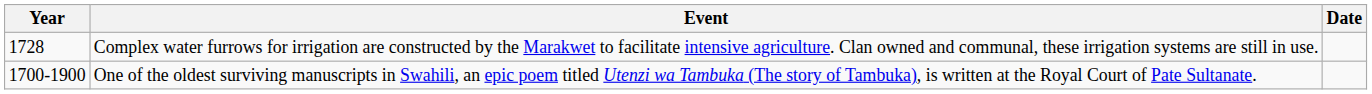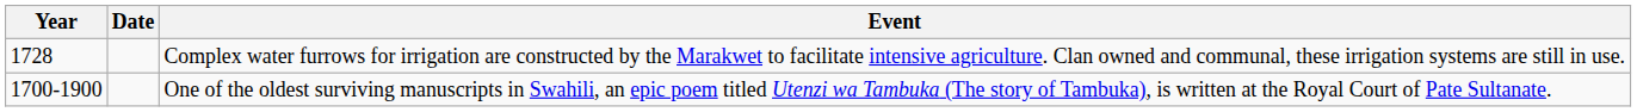 <table class="wikitable">
 <tr>
 <th>Year</th>
+<th>Date</th>
 <th>Event</th>
-<th>Date</th>
 </tr>
 <tr>
 <td>1728</td>
+<td></td>
 <td>Complex water furrows for irrigation are constructed by the <a href='#'>Marakwet</a> to facilitate <a href='#'>intensive agriculture</a>. Clan owned and communal, these irrigation systems are still in use.</td>
-<td></td>
 </tr>
 <tr>
 <td>1700-1900</td>
+<td></td>
 <td>One of the oldest surviving manuscripts in <a href='#'>Swahili</a>, an <a href='#'>epic poem</a> titled <a href='#'><em>Utenzi wa Tambuka</em> (The story of Tambuka)</a>, is written at the Royal Court of <a href='#'>Pate Sultanate</a>.</td>
-<td></td>
 </tr>
 </table>
